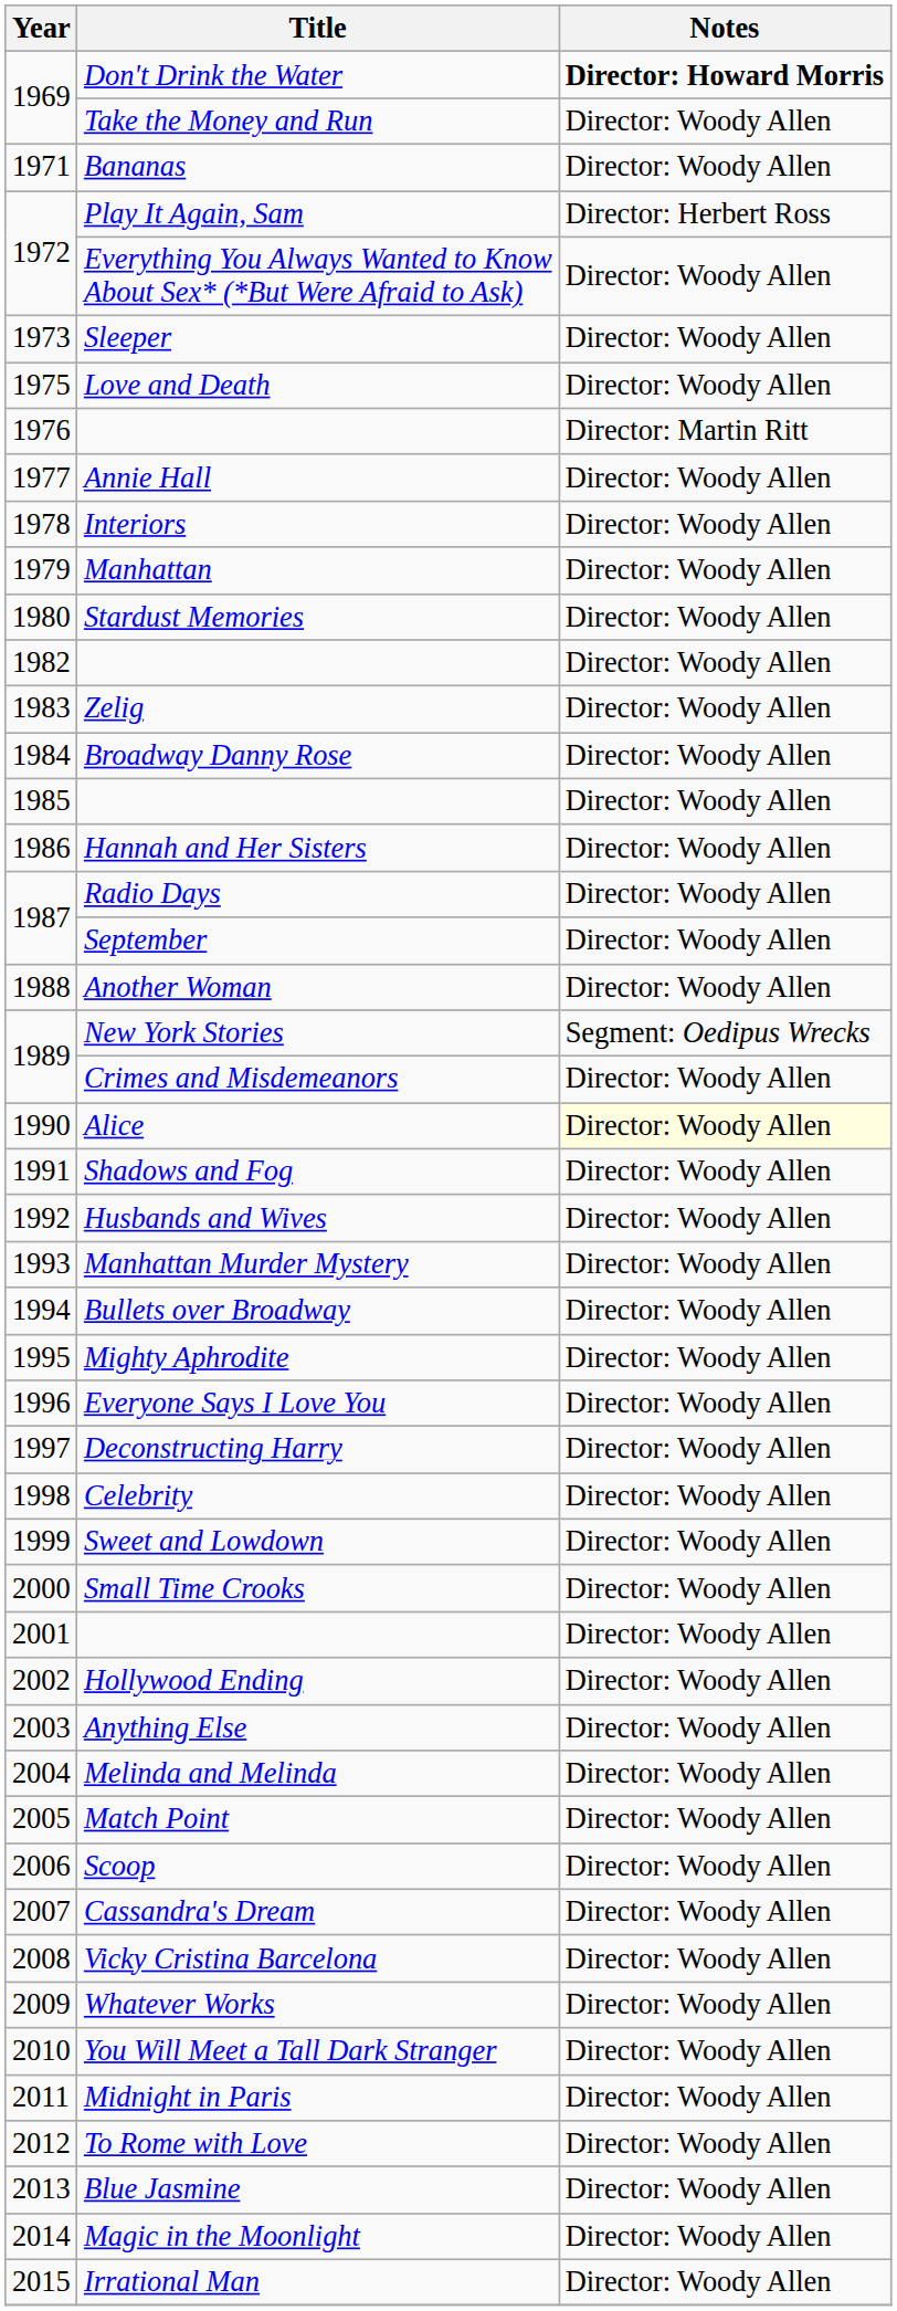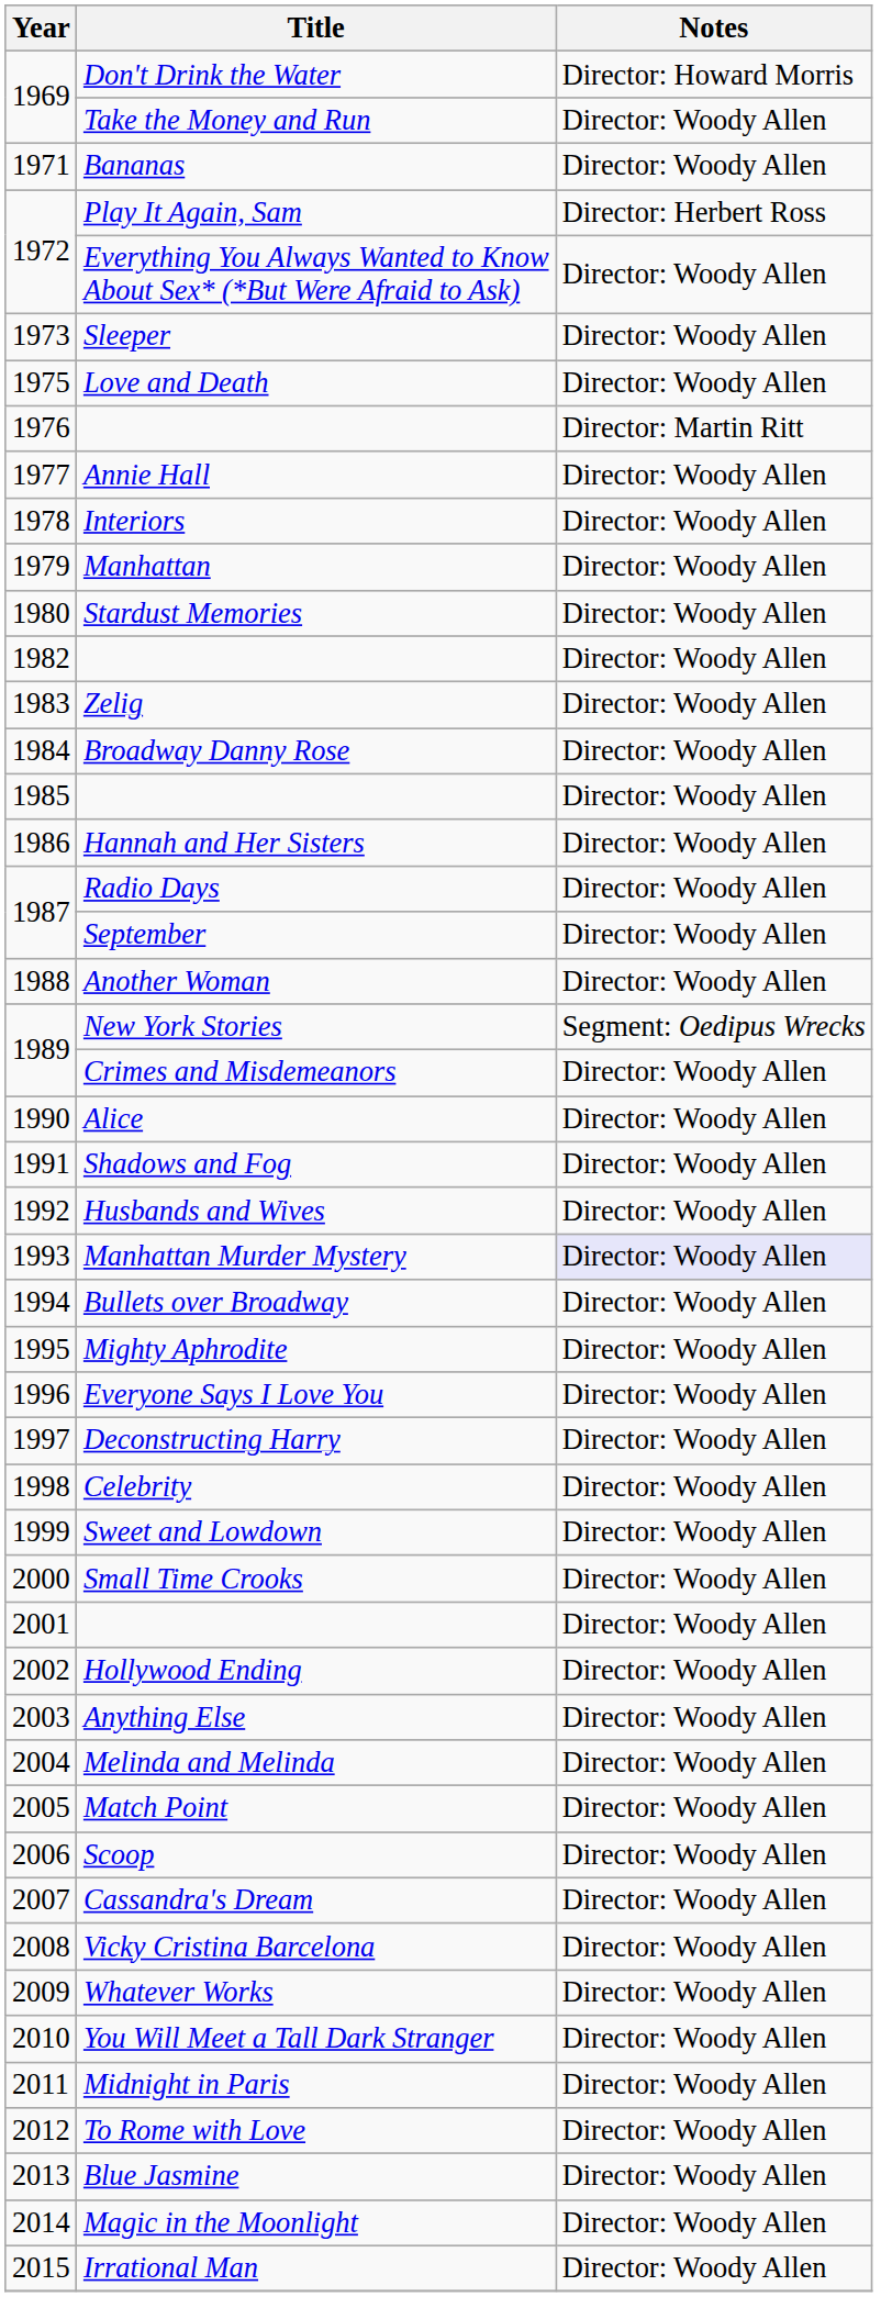 <table class="wikitable sortable">
 <tr>
 <th>Year</th>
 <th>Title</th>
 <th>Notes</th>
 </tr>
 <tr>
 <td rowspan=2>1969</td>
 <td><em><a href='#'>Don't Drink the Water</a></em></td>
-<td><strong>Director: Howard Morris</strong></td>
+<td>Director: Howard Morris</td>
 </tr>
 <tr>
 <td><em><a href='#'>Take the Money and Run</a></em></td>
 <td>Director: Woody Allen</td>
 </tr>
 <tr>
 <td>1971</td>
 <td><em><a href='#'>Bananas</a></em></td>
 <td>Director: Woody Allen</td>
 </tr>
 <tr>
 <td rowspan=2>1972</td>
 <td><em><a href='#'>Play It Again, Sam</a></em></td>
 <td>Director: Herbert Ross</td>
 </tr>
 <tr>
 <td><em><a href='#'>Everything You Always Wanted to Know <br> About Sex* (*But Were Afraid to Ask)</a></em></td>
 <td>Director: Woody Allen</td>
 </tr>
 <tr>
 <td>1973</td>
 <td><em><a href='#'>Sleeper</a></em></td>
 <td>Director: Woody Allen</td>
 </tr>
 <tr>
 <td>1975</td>
 <td><em><a href='#'>Love and Death</a></em></td>
 <td>Director: Woody Allen</td>
 </tr>
 <tr>
 <td>1976</td>
 <td><em></em></td>
 <td>Director: Martin Ritt</td>
 </tr>
 <tr>
 <td>1977</td>
 <td><em><a href='#'>Annie Hall</a></em></td>
 <td>Director: Woody Allen</td>
 </tr>
 <tr>
 <td>1978</td>
 <td><em><a href='#'>Interiors</a></em></td>
 <td>Director: Woody Allen</td>
 </tr>
 <tr>
 <td>1979</td>
 <td><em><a href='#'>Manhattan</a></em></td>
 <td>Director: Woody Allen</td>
 </tr>
 <tr>
 <td>1980</td>
 <td><em><a href='#'>Stardust Memories</a></em></td>
 <td>Director: Woody Allen</td>
 </tr>
 <tr>
 <td>1982</td>
 <td><em></em></td>
 <td>Director: Woody Allen</td>
 </tr>
 <tr>
 <td>1983</td>
 <td><em><a href='#'>Zelig</a></em></td>
 <td>Director: Woody Allen</td>
 </tr>
 <tr>
 <td>1984</td>
 <td><em><a href='#'>Broadway Danny Rose</a></em></td>
 <td>Director: Woody Allen</td>
 </tr>
 <tr>
 <td>1985</td>
 <td><em></em></td>
 <td>Director: Woody Allen</td>
 </tr>
 <tr>
 <td>1986</td>
 <td><em><a href='#'>Hannah and Her Sisters</a></em></td>
 <td>Director: Woody Allen</td>
 </tr>
 <tr>
 <td rowspan=2>1987</td>
 <td><em><a href='#'>Radio Days</a></em></td>
 <td>Director: Woody Allen</td>
 </tr>
 <tr>
 <td><em><a href='#'>September</a></em></td>
 <td>Director: Woody Allen</td>
 </tr>
 <tr>
 <td>1988</td>
 <td><em><a href='#'>Another Woman</a></em></td>
 <td>Director: Woody Allen</td>
 </tr>
 <tr>
 <td rowspan=2>1989</td>
 <td><em><a href='#'>New York Stories</a></em></td>
 <td>Segment: <em>Oedipus Wrecks</em></td>
 </tr>
 <tr>
 <td><em><a href='#'>Crimes and Misdemeanors</a></em></td>
 <td>Director: Woody Allen</td>
 </tr>
 <tr>
 <td>1990</td>
 <td><em><a href='#'>Alice</a></em></td>
-<td style="background: lightyellow;">Director: Woody Allen</td>
+<td>Director: Woody Allen</td>
 </tr>
 <tr>
 <td>1991</td>
 <td><em><a href='#'>Shadows and Fog</a></em></td>
 <td>Director: Woody Allen</td>
 </tr>
 <tr>
 <td>1992</td>
 <td><em><a href='#'>Husbands and Wives</a></em></td>
 <td>Director: Woody Allen</td>
 </tr>
 <tr>
 <td>1993</td>
 <td><em><a href='#'>Manhattan Murder Mystery</a></em></td>
-<td>Director: Woody Allen</td>
+<td style="background: lavender;">Director: Woody Allen</td>
 </tr>
 <tr>
 <td>1994</td>
 <td><em><a href='#'>Bullets over Broadway</a></em></td>
 <td>Director: Woody Allen</td>
 </tr>
 <tr>
 <td>1995</td>
 <td><em><a href='#'>Mighty Aphrodite</a></em></td>
 <td>Director: Woody Allen</td>
 </tr>
 <tr>
 <td>1996</td>
 <td><em><a href='#'>Everyone Says I Love You</a></em></td>
 <td>Director: Woody Allen</td>
 </tr>
 <tr>
 <td>1997</td>
 <td><em><a href='#'>Deconstructing Harry</a></em></td>
 <td>Director: Woody Allen</td>
 </tr>
 <tr>
 <td>1998</td>
 <td><em><a href='#'>Celebrity</a></em></td>
 <td>Director: Woody Allen</td>
 </tr>
 <tr>
 <td>1999</td>
 <td><em><a href='#'>Sweet and Lowdown</a></em></td>
 <td>Director: Woody Allen</td>
 </tr>
 <tr>
 <td>2000</td>
 <td><em><a href='#'>Small Time Crooks</a></em></td>
 <td>Director: Woody Allen</td>
 </tr>
 <tr>
 <td>2001</td>
 <td><em></em></td>
 <td>Director: Woody Allen</td>
 </tr>
 <tr>
 <td>2002</td>
 <td><em><a href='#'>Hollywood Ending</a></em></td>
 <td>Director: Woody Allen</td>
 </tr>
 <tr>
 <td>2003</td>
 <td><em><a href='#'>Anything Else</a></em></td>
 <td>Director: Woody Allen</td>
 </tr>
 <tr>
 <td>2004</td>
 <td><em><a href='#'>Melinda and Melinda</a></em></td>
 <td>Director: Woody Allen</td>
 </tr>
 <tr>
 <td>2005</td>
 <td><em><a href='#'>Match Point</a></em></td>
 <td>Director: Woody Allen</td>
 </tr>
 <tr>
 <td>2006</td>
 <td><em><a href='#'>Scoop</a></em></td>
 <td>Director: Woody Allen</td>
 </tr>
 <tr>
 <td>2007</td>
 <td><em><a href='#'>Cassandra's Dream</a></em></td>
 <td>Director: Woody Allen</td>
 </tr>
 <tr>
 <td>2008</td>
 <td><em><a href='#'>Vicky Cristina Barcelona</a></em></td>
 <td>Director: Woody Allen</td>
 </tr>
 <tr>
 <td>2009</td>
 <td><em><a href='#'>Whatever Works</a></em></td>
 <td>Director: Woody Allen</td>
 </tr>
 <tr>
 <td>2010</td>
 <td><em><a href='#'>You Will Meet a Tall Dark Stranger</a></em></td>
 <td>Director: Woody Allen</td>
 </tr>
 <tr>
 <td>2011</td>
 <td><em><a href='#'>Midnight in Paris</a></em></td>
 <td>Director: Woody Allen</td>
 </tr>
 <tr>
 <td>2012</td>
 <td><em><a href='#'>To Rome with Love</a></em></td>
 <td>Director: Woody Allen</td>
 </tr>
 <tr>
 <td>2013</td>
 <td><em><a href='#'>Blue Jasmine</a></em></td>
 <td>Director: Woody Allen</td>
 </tr>
 <tr>
 <td>2014</td>
 <td><em><a href='#'>Magic in the Moonlight</a></em></td>
 <td>Director: Woody Allen</td>
 </tr>
 <tr>
 <td>2015</td>
 <td><em><a href='#'>Irrational Man</a></em></td>
 <td>Director: Woody Allen</td>
 </tr>
 <tr>
 </tr>
 </table>
